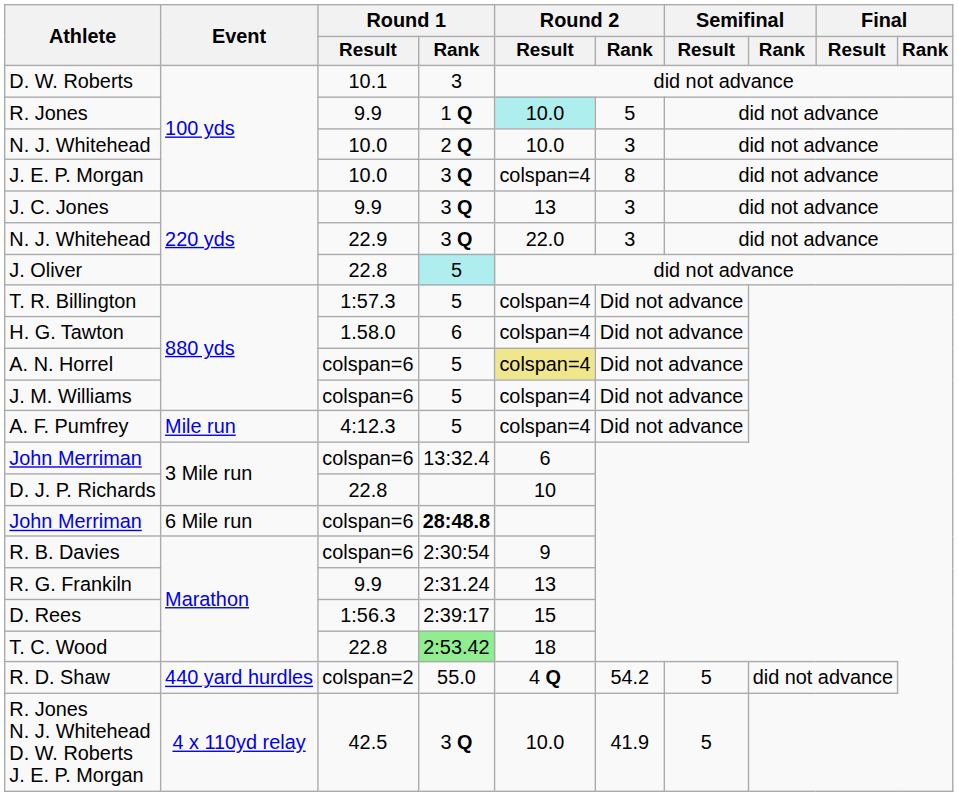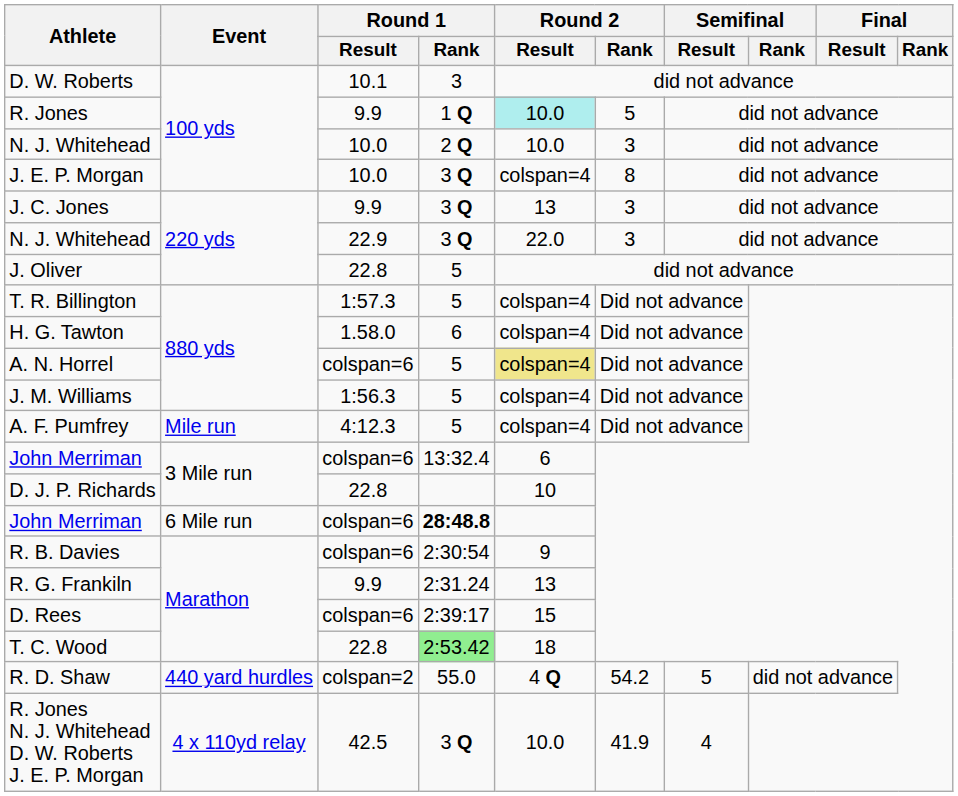 <table class="wikitable" style="font-size:90%;">
 <tr>
 <th rowspan="2">Athlete</th>
 <th rowspan="2">Event</th>
 <th colspan="2">Round 1</th>
 <th colspan="2">Round 2</th>
 <th colspan="2">Semifinal</th>
 <th colspan="2">Final</th>
 </tr>
 <tr style="font-size:95%">
 <th>Result</th>
 <th>Rank</th>
 <th>Result</th>
 <th>Rank</th>
 <th>Result</th>
 <th>Rank</th>
 <th>Result</th>
 <th>Rank</th>
 </tr>
 <tr align=center>
 <td align=left>D. W. Roberts</td>
 <td style="text-align:left;" rowspan="4"><a href='#'>100 yds</a></td>
 <td>10.1</td>
 <td>3</td>
 <td colspan=6>did not advance</td>
 </tr>
 <tr align=center>
 <td align=left>R. Jones</td>
 <td>9.9</td>
 <td>1 <strong>Q</strong></td>
 <td style="background: paleturquoise;">10.0</td>
 <td>5</td>
 <td colspan=4>did not advance</td>
 </tr>
 <tr align=center>
 <td align=left>N. J. Whitehead</td>
 <td>10.0</td>
 <td>2 <strong>Q</strong></td>
 <td>10.0</td>
 <td>3</td>
 <td colspan=4>did not advance</td>
 </tr>
 <tr align=center>
 <td align=left>J. E. P. Morgan</td>
 <td>10.0</td>
 <td>3 <strong>Q</strong></td>
 <td>colspan=4 </td>
 <td>8</td>
 <td colspan=4>did not advance</td>
 </tr>
 <tr align=center>
 <td align=left>J. C. Jones</td>
 <td style="text-align:left;" rowspan="3"><a href='#'>220 yds</a></td>
 <td>9.9</td>
 <td>3 <strong>Q</strong></td>
 <td>13</td>
 <td>3</td>
 <td colspan=4>did not advance</td>
 </tr>
 <tr align=center>
 <td align=left>N. J. Whitehead</td>
 <td>22.9</td>
 <td>3 <strong>Q</strong></td>
 <td>22.0</td>
 <td>3</td>
 <td colspan=4>did not advance</td>
 </tr>
 <tr align=center>
 <td align=left>J. Oliver</td>
 <td>22.8</td>
-<td style="background: paleturquoise;">5</td>
+<td>5</td>
 <td colspan=6>did not advance</td>
 </tr>
 <tr align=center>
 <td align=left>T. R. Billington</td>
 <td style="text-align:left;" rowspan="4"><a href='#'>880 yds</a></td>
 <td>1:57.3</td>
 <td>5</td>
 <td>colspan=4 </td>
 <td colspan=2>Did not advance</td>
 </tr>
 <tr align=center>
 <td align=left>H. G. Tawton</td>
 <td>1.58.0</td>
 <td>6</td>
 <td>colspan=4 </td>
 <td colspan=2>Did not advance</td>
 </tr>
 <tr align=center>
 <td align=left>A. N. Horrel</td>
 <td>colspan=6 </td>
 <td>5</td>
 <td style="background: khaki;">colspan=4 </td>
 <td colspan=2>Did not advance</td>
 </tr>
 <tr align=center>
 <td align=left>J. M. Williams</td>
-<td>colspan=6 </td>
+<td>1:56.3</td>
 <td>5</td>
 <td>colspan=4 </td>
 <td colspan=2>Did not advance</td>
 </tr>
 <tr align=center>
 <td align=left>A. F. Pumfrey</td>
 <td align=left><a href='#'>Mile run</a></td>
 <td>4:12.3</td>
 <td>5</td>
 <td>colspan=4 </td>
 <td colspan=2>Did not advance</td>
 </tr>
 <tr align=center>
 <td align=left><a href='#'>John Merriman</a></td>
 <td style="text-align:left;" rowspan="2">3 Mile run</td>
 <td>colspan=6 </td>
 <td>13:32.4</td>
 <td>6</td>
 </tr>
 <tr align=center>
 <td align=left>D. J. P. Richards</td>
 <td>22.8</td>
 <td></td>
 <td>10</td>
 </tr>
 <tr align=center>
 <td align=left><a href='#'>John Merriman</a></td>
 <td align=left>6 Mile run</td>
 <td>colspan=6 </td>
 <td><strong>28:48.8</strong></td>
 <td></td>
 </tr>
 <tr align=center>
 <td align=left>R. B. Davies</td>
 <td style="text-align:left;" rowspan="4"><a href='#'>Marathon</a></td>
 <td>colspan=6 </td>
 <td>2:30:54</td>
 <td>9</td>
 </tr>
 <tr align=center>
 <td align=left>R. G. Frankiln</td>
 <td>9.9</td>
 <td>2:31.24</td>
 <td>13</td>
 </tr>
 <tr align=center>
 <td align=left>D. Rees</td>
-<td>1:56.3</td>
+<td>colspan=6 </td>
 <td>2:39:17</td>
 <td>15</td>
 </tr>
 <tr align=center>
 <td align=left>T. C. Wood</td>
 <td>22.8</td>
 <td style="background: lightgreen;">2:53.42</td>
 <td>18</td>
 </tr>
 <tr align=center>
 <td align=left>R. D. Shaw</td>
 <td><a href='#'>440 yard hurdles</a></td>
 <td>colspan=2 </td>
 <td>55.0</td>
 <td>4 <strong>Q</strong></td>
 <td>54.2</td>
 <td>5</td>
 <td colspan=2>did not advance</td>
 </tr>
 <tr align=center>
 <td align=left>R. Jones<br>N. J. Whitehead<br>D. W. Roberts<br>J. E. P. Morgan</td>
 <td><a href='#'>4 x 110yd relay</a></td>
 <td>42.5</td>
 <td>3 <strong>Q</strong></td>
 <td>10.0</td>
 <td>41.9</td>
-<td>5</td>
+<td>4</td>
 </tr>
 </table>
